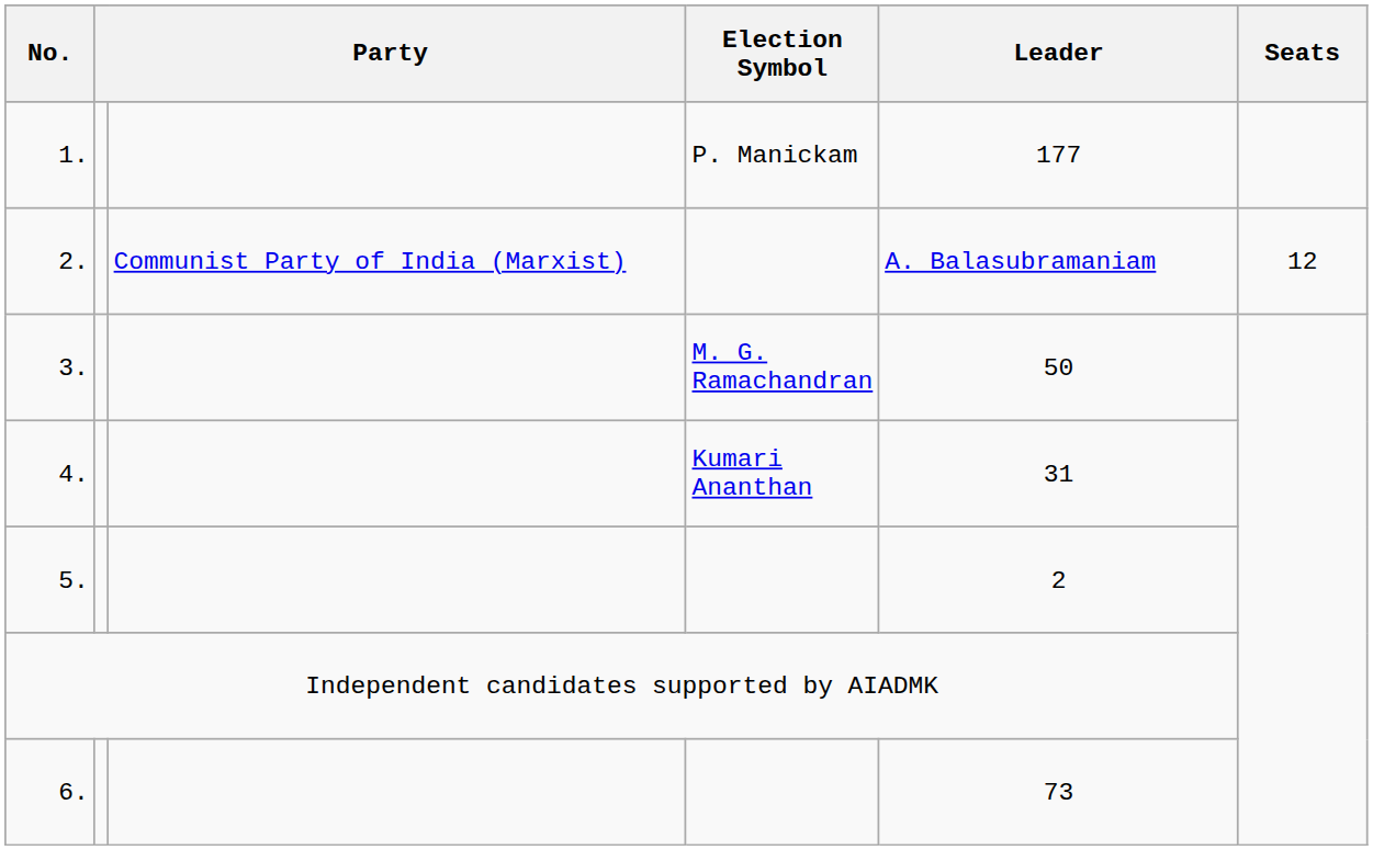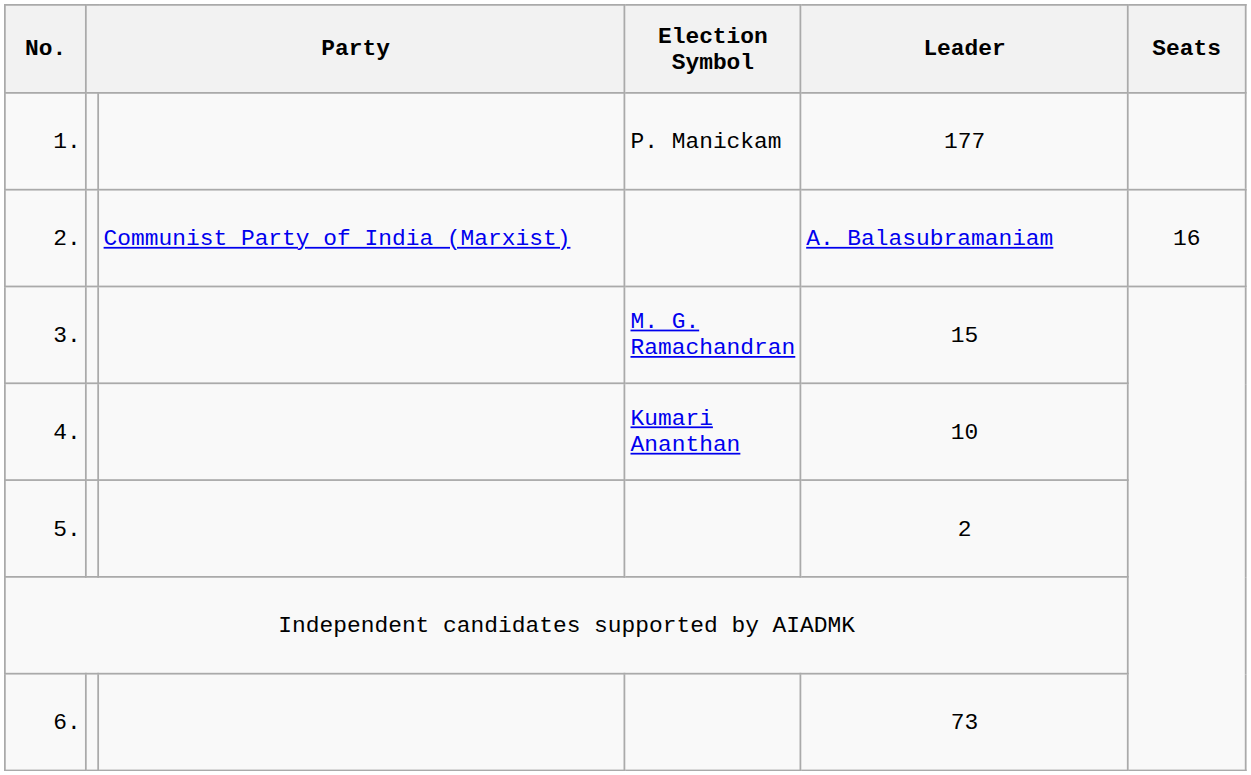 <table class="wikitable">
 <tr style="height: 50px;">
 <th scope="col" style="width:40px;">No.<br></th>
 <th scope="col" style="width:300px;"colspan="2">Party</th>
 <th scope="col" style="width:80px;">Election Symbol</th>
 <th scope="col" style="width:180px;">Leader</th>
 <th scope="col" style="width:60px;">Seats</th>
 </tr>
 <tr style="height: 55px;">
 <td style="text-align:right;">1.</td>
 <td></td>
 <td style="text-align:center;"></td>
 <td>P. Manickam</td>
 <td style="text-align:center;">177</td>
 </tr>
 <tr style="height: 55px;">
 <td style="text-align:right;">2.</td>
 <td></td>
 <td><a href='#'>Communist Party of India  (Marxist)</a></td>
 <td style="text-align:center;"></td>
 <td><a href='#'>A. Balasubramaniam</a></td>
-<td style="text-align:center;">12</td>
+<td style="text-align:center;">16</td>
 </tr>
 <tr style="height: 55px;">
 <td style="text-align:right;">3.</td>
 <td></td>
 <td style="text-align:center;"></td>
 <td><a href='#'>M. G. Ramachandran</a></td>
-<td style="text-align:center;">50</td>
+<td style="text-align:center;">15</td>
 </tr>
 <tr style="height: 55px;">
 <td style="text-align:right;">4.</td>
 <td></td>
 <td style="text-align:center;"></td>
 <td><a href='#'>Kumari Ananthan</a></td>
-<td style="text-align:center;">31</td>
+<td style="text-align:center;">10</td>
 </tr>
 <tr style="height: 55px;">
 <td style="text-align:right;">5.</td>
 <td></td>
 <td style="text-align:center;"><br></td>
 <td></td>
 <td style="text-align:center;">2</td>
 </tr>
 <tr style="height: 55px;">
 <td colspan = "5" align = "center">Independent candidates supported by AIADMK</td>
 </tr>
 <tr style="height: 55px;">
 <td style="text-align:right;">6.</td>
 <td></td>
 <td style="text-align:center;"></td>
 <td></td>
 <td style="text-align:center;">73</td>
 </tr>
 </table>
